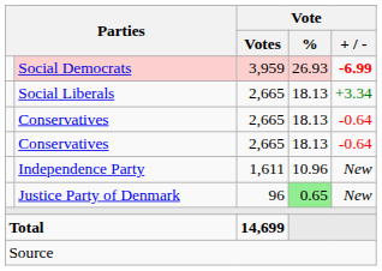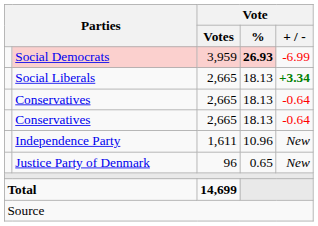 <table class="wikitable" style="text-align:right;">
 <tr>
 <th style="text-align:centre;" rowspan="2" colspan="2" width="225">Parties</th>
 <th colspan="3">Vote</th>
 </tr>
 <tr>
 <th width="15">Votes</th>
 <th width="15">%</th>
 <th width="15">+ / -</th>
 </tr>
 <tr>
 <td width="2" style="color:inherit;background:"></td>
 <td bgcolor=#fbd0ce  align="left"><a href='#'>Social Democrats</a></td>
 <td bgcolor=#fbd0ce>3,959</td>
-<td bgcolor=#fbd0ce>26.93</td>
-<td style=color:red;><strong>-6.99</strong></td>
+<td bgcolor=#fbd0ce><strong>26.93</strong></td>
+<td style=color:red;>-6.99</td>
 </tr>
 <tr>
 <td width="2" style="color:inherit;background:"></td>
 <td align="left"><a href='#'>Social Liberals</a></td>
 <td>2,665</td>
 <td>18.13</td>
-<td style=color:green;>+3.34</td>
+<td style=color:green;><strong>+3.34</strong></td>
 </tr>
 <tr>
 <td width="2" style="color:inherit;background:"></td>
 <td align="left"><a href='#'>Conservatives</a></td>
 <td>2,665</td>
 <td>18.13</td>
 <td style=color:red;>-0.64</td>
 </tr>
 <tr>
 <td width="2" style="color:inherit;background:"></td>
 <td align="left"><a href='#'>Conservatives</a></td>
 <td>2,665</td>
 <td>18.13</td>
 <td style=color:red;>-0.64</td>
 </tr>
 <tr>
 <td width="2" style="color:inherit;background:"></td>
 <td align="left"><a href='#'>Independence Party</a></td>
 <td>1,611</td>
 <td>10.96</td>
 <td><em>New</em></td>
 </tr>
 <tr>
 <td width="2" style="color:inherit;background:"></td>
 <td align="left"><a href='#'>Justice Party of Denmark</a></td>
 <td>96</td>
-<td style="background: lightgreen;">0.65</td>
+<td>0.65</td>
 <td><em>New</em></td>
 </tr>
 <tr>
 <td colspan="7" bgcolor="#E9E9E9"></td>
 </tr>
 <tr>
 <td align="left" colspan="2"><strong>Total</strong></td>
 <td><strong>14,699</strong></td>
 <td bgcolor="#E9E9E9" colspan="2"></td>
 </tr>
 <tr>
 <td align="left" colspan="6">Source</td>
 </tr>
 </table>
